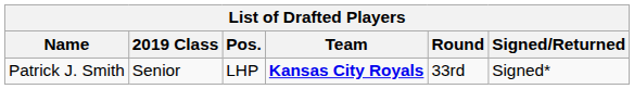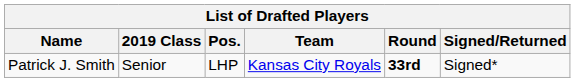 <table class="wikitable collapsible">
 <tr>
 <th colspan="7">List of Drafted Players</th>
 </tr>
 <tr>
 <th>Name</th>
 <th>2019 Class</th>
 <th>Pos.</th>
 <th>Team</th>
 <th>Round</th>
 <th>Signed/Returned</th>
 </tr>
 <tr>
 <td>Patrick J. Smith</td>
 <td>Senior</td>
 <td>LHP</td>
-<td><strong><a href='#'>Kansas City Royals</a></strong></td>
-<td>33rd</td>
+<td><a href='#'>Kansas City Royals</a></td>
+<td><strong>33rd</strong></td>
 <td>Signed*</td>
 </tr>
 </table>
